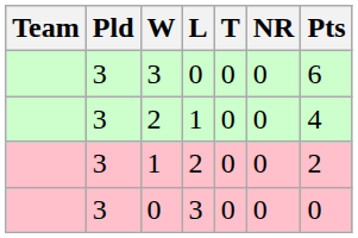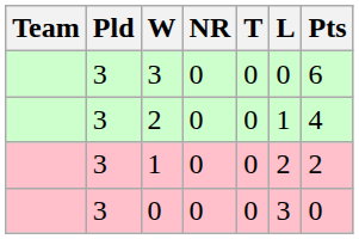 <table class="wikitable">
 <tr>
 <th>Team</th>
 <th>Pld</th>
 <th>W</th>
+<th>NR</th>
+<th>T</th>
 <th>L</th>
-<th>T</th>
-<th>NR</th>
 <th>Pts</th>
 </tr>
 <tr style="background:#cfc;">
 <td></td>
 <td>3</td>
 <td>3</td>
 <td>0</td>
 <td>0</td>
 <td>0</td>
 <td>6</td>
 </tr>
 <tr style="background:#cfc;">
 <td></td>
 <td>3</td>
 <td>2</td>
-<td>1</td>
 <td>0</td>
 <td>0</td>
+<td>1</td>
 <td>4</td>
 </tr>
 <tr style="background:pink;">
 <td></td>
 <td>3</td>
 <td>1</td>
-<td>2</td>
 <td>0</td>
 <td>0</td>
+<td>2</td>
 <td>2</td>
 </tr>
 <tr style="background:pink;">
 <td></td>
 <td>3</td>
 <td>0</td>
-<td>3</td>
 <td>0</td>
 <td>0</td>
+<td>3</td>
 <td>0</td>
 </tr>
 </table>
